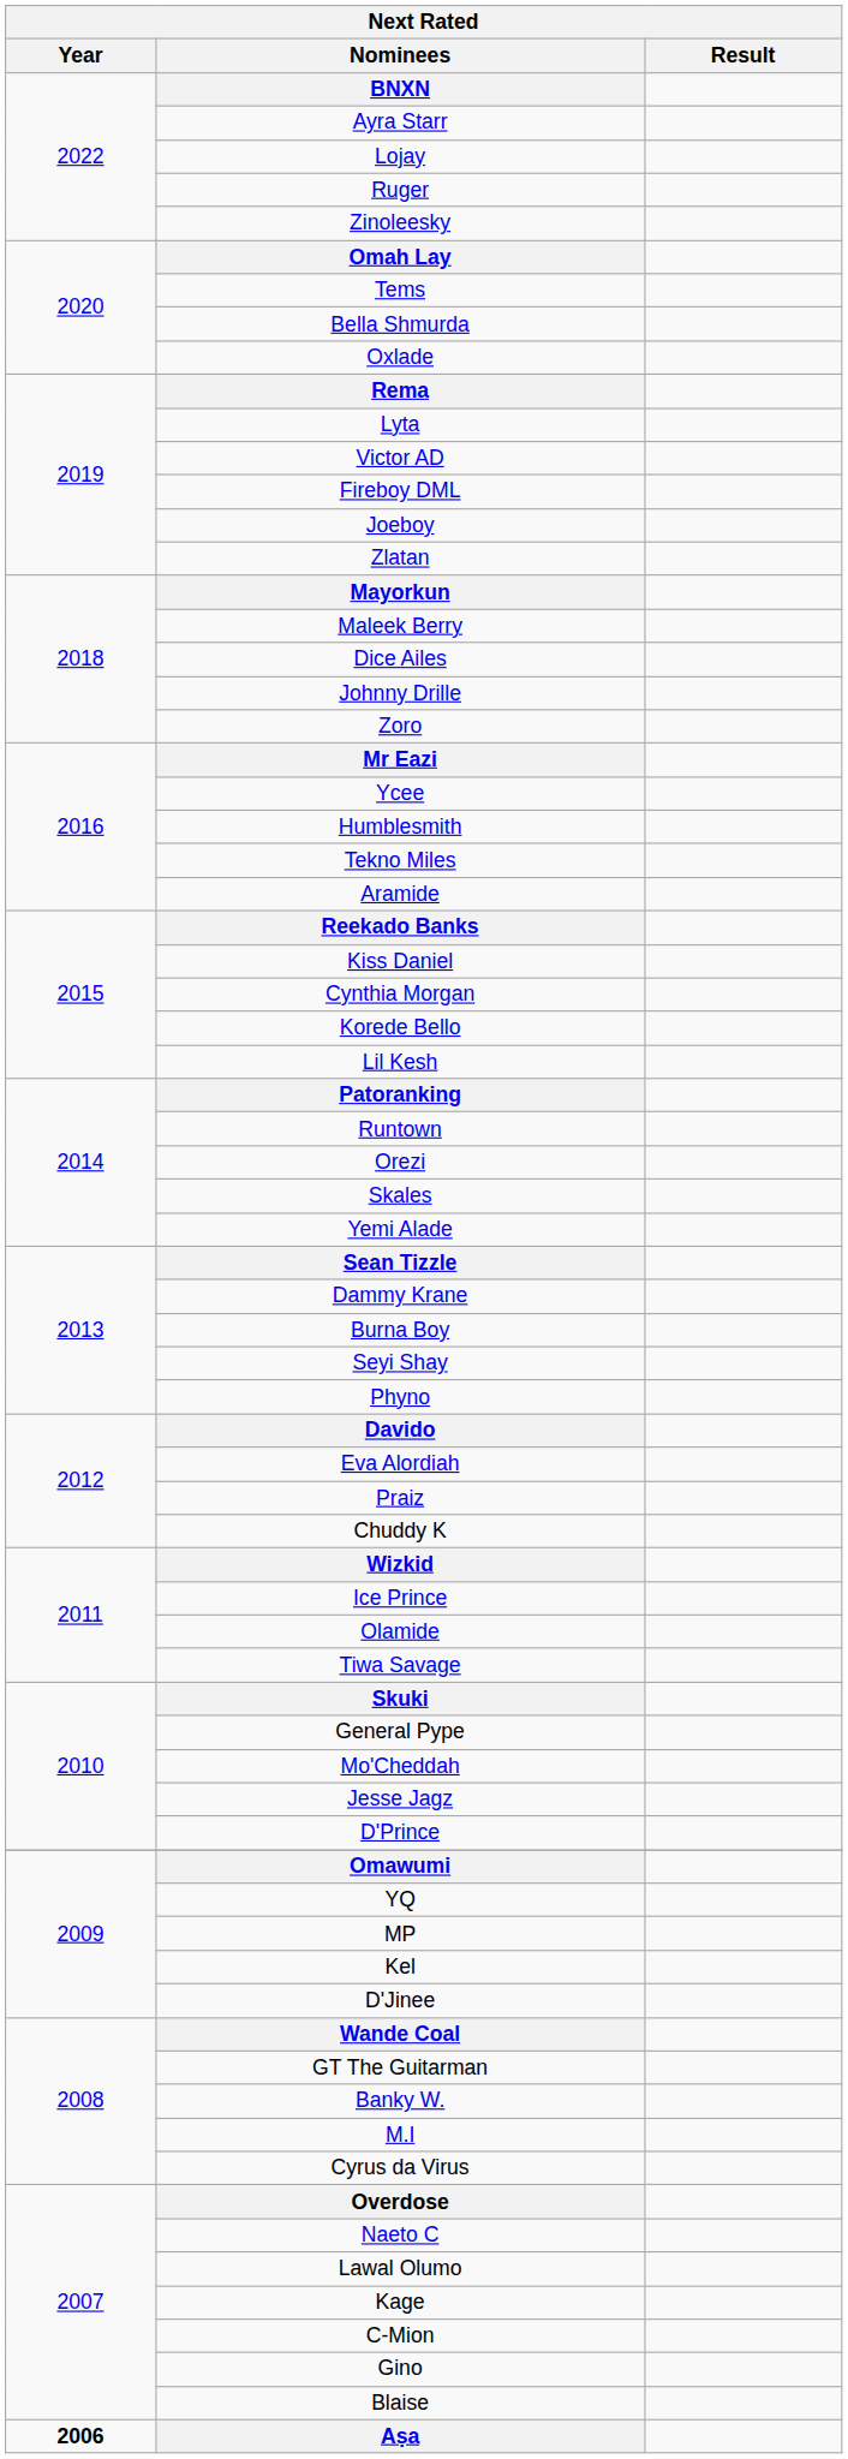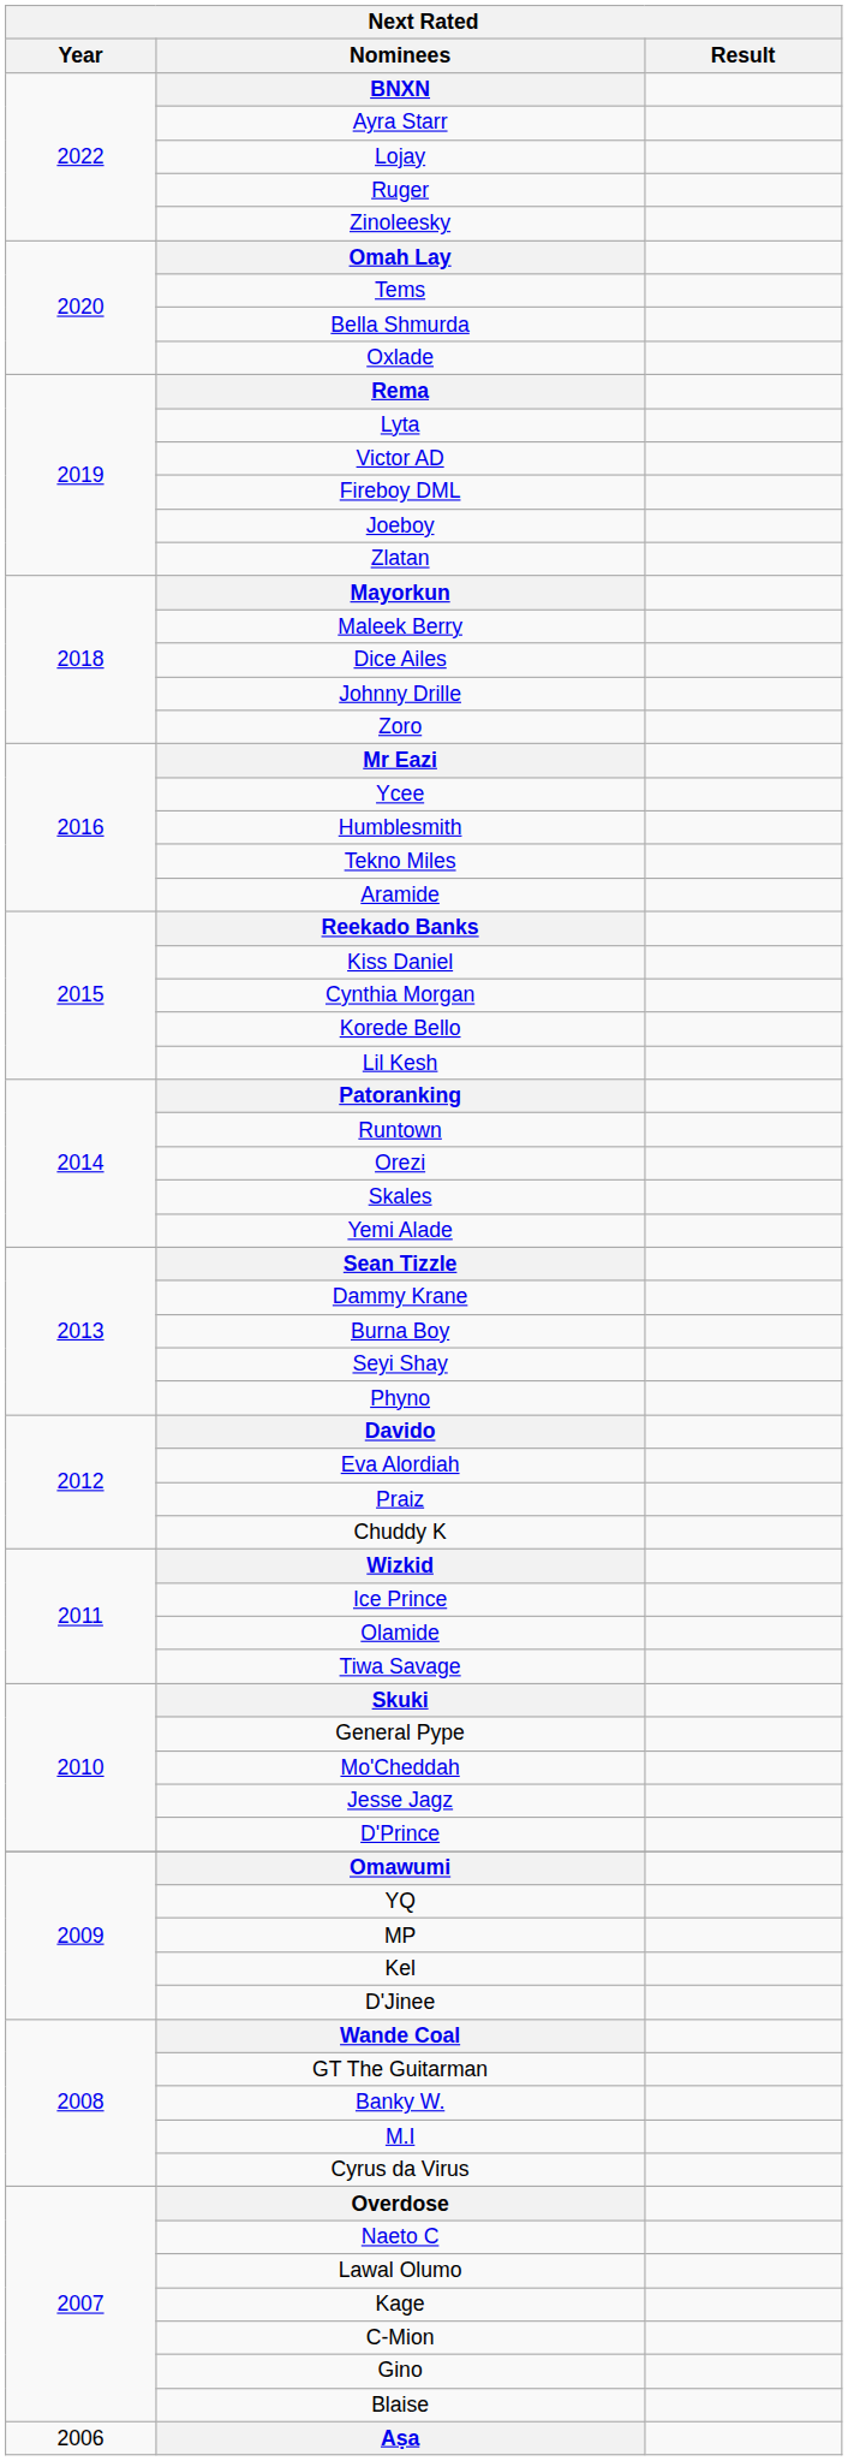 <table class=wikitable style="text-align:center" width="40%">
 <tr>
 <th colspan="4">Next Rated</th>
 </tr>
 <tr>
 <th>Year</th>
 <th>Nominees</th>
 <th>Result</th>
 </tr>
 <tr>
 <td rowspan="5"><a href='#'>2022</a></td>
 <th><a href='#'>BNXN</a></th>
 <td></td>
 </tr>
 <tr>
 <td><a href='#'>Ayra Starr</a></td>
 <td></td>
 </tr>
 <tr>
 <td><a href='#'>Lojay</a></td>
 <td></td>
 </tr>
 <tr>
 <td><a href='#'>Ruger</a></td>
 <td></td>
 </tr>
 <tr>
 <td><a href='#'>Zinoleesky</a></td>
 <td></td>
 </tr>
 <tr>
 <td rowspan="4"><a href='#'>2020</a></td>
 <th><a href='#'>Omah Lay</a></th>
 <td></td>
 </tr>
 <tr>
 <td><a href='#'>Tems</a></td>
 <td></td>
 </tr>
 <tr>
 <td><a href='#'>Bella Shmurda</a></td>
 <td></td>
 </tr>
 <tr>
 <td><a href='#'>Oxlade</a></td>
 <td></td>
 </tr>
 <tr>
 <td rowspan="6"><a href='#'>2019</a></td>
 <th><a href='#'>Rema</a></th>
 <td></td>
 </tr>
 <tr>
 <td><a href='#'>Lyta</a></td>
 <td></td>
 </tr>
 <tr>
 <td><a href='#'>Victor AD</a></td>
 <td></td>
 </tr>
 <tr>
 <td><a href='#'>Fireboy DML</a></td>
 <td></td>
 </tr>
 <tr>
 <td><a href='#'>Joeboy</a></td>
 <td></td>
 </tr>
 <tr>
 <td><a href='#'>Zlatan</a></td>
 <td></td>
 </tr>
 <tr>
 <td rowspan="5"><a href='#'>2018</a></td>
 <th><a href='#'>Mayorkun</a></th>
 <td></td>
 </tr>
 <tr>
 <td><a href='#'>Maleek Berry</a></td>
 <td></td>
 </tr>
 <tr>
 <td><a href='#'>Dice Ailes</a></td>
 <td></td>
 </tr>
 <tr>
 <td><a href='#'>Johnny Drille</a></td>
 <td></td>
 </tr>
 <tr>
 <td><a href='#'>Zoro</a></td>
 <td></td>
 </tr>
 <tr>
 <td rowspan="5"><a href='#'>2016</a></td>
 <th><a href='#'>Mr Eazi</a></th>
 <td></td>
 </tr>
 <tr>
 <td><a href='#'>Ycee</a></td>
 <td></td>
 </tr>
 <tr>
 <td><a href='#'>Humblesmith</a></td>
 <td></td>
 </tr>
 <tr>
 <td><a href='#'>Tekno Miles</a></td>
 <td></td>
 </tr>
 <tr>
 <td><a href='#'>Aramide</a></td>
 <td></td>
 </tr>
 <tr>
 <td rowspan="5"><a href='#'>2015</a></td>
 <th><a href='#'>Reekado Banks</a></th>
 <td></td>
 </tr>
 <tr>
 <td><a href='#'>Kiss Daniel</a></td>
 <td></td>
 </tr>
 <tr>
 <td><a href='#'>Cynthia Morgan</a></td>
 <td></td>
 </tr>
 <tr>
 <td><a href='#'>Korede Bello</a></td>
 <td></td>
 </tr>
 <tr>
 <td><a href='#'>Lil Kesh</a></td>
 <td></td>
 </tr>
 <tr>
 <td rowspan="5"><a href='#'>2014</a></td>
 <th><a href='#'>Patoranking</a></th>
 <td></td>
 </tr>
 <tr>
 <td><a href='#'>Runtown</a></td>
 <td></td>
 </tr>
 <tr>
 <td><a href='#'>Orezi</a></td>
 <td></td>
 </tr>
 <tr>
 <td><a href='#'>Skales</a></td>
 <td></td>
 </tr>
 <tr>
 <td><a href='#'>Yemi Alade</a></td>
 <td></td>
 </tr>
 <tr>
 <td rowspan="5"><a href='#'>2013</a></td>
 <th><a href='#'>Sean Tizzle</a></th>
 <td></td>
 </tr>
 <tr>
 <td><a href='#'>Dammy Krane</a></td>
 <td></td>
 </tr>
 <tr>
 <td><a href='#'>Burna Boy</a></td>
 <td></td>
 </tr>
 <tr>
 <td><a href='#'>Seyi Shay</a></td>
 <td></td>
 </tr>
 <tr>
 <td><a href='#'>Phyno</a></td>
 <td></td>
 </tr>
 <tr>
 <td rowspan="4"><a href='#'>2012</a></td>
 <th><a href='#'>Davido</a></th>
 <td></td>
 </tr>
 <tr>
 <td><a href='#'>Eva Alordiah</a></td>
 <td></td>
 </tr>
 <tr>
 <td><a href='#'>Praiz</a></td>
 <td></td>
 </tr>
 <tr>
 <td>Chuddy K</td>
 <td></td>
 </tr>
 <tr>
 <td rowspan="4"><a href='#'>2011</a></td>
 <th><a href='#'>Wizkid</a></th>
 <td></td>
 </tr>
 <tr>
 <td><a href='#'>Ice Prince</a></td>
 <td></td>
 </tr>
 <tr>
 <td><a href='#'>Olamide</a></td>
 <td></td>
 </tr>
 <tr>
 <td><a href='#'>Tiwa Savage</a></td>
 <td></td>
 </tr>
 <tr>
 <td rowspan="5"><a href='#'>2010</a></td>
 <th><a href='#'>Skuki</a></th>
 <td></td>
 </tr>
 <tr>
 <td>General Pype</td>
 <td></td>
 </tr>
 <tr>
 <td><a href='#'>Mo'Cheddah</a></td>
 <td></td>
 </tr>
 <tr>
 <td><a href='#'>Jesse Jagz</a></td>
 <td></td>
 </tr>
 <tr>
 <td><a href='#'>D'Prince</a></td>
 <td></td>
 </tr>
 <tr>
 </tr>
 <tr>
 <td rowspan="5"><a href='#'>2009</a></td>
 <th><a href='#'>Omawumi</a></th>
 <td></td>
 </tr>
 <tr>
 <td>YQ</td>
 <td></td>
 </tr>
 <tr>
 <td>MP</td>
 <td></td>
 </tr>
 <tr>
 <td>Kel</td>
 <td></td>
 </tr>
 <tr>
 <td>D'Jinee</td>
 <td></td>
 </tr>
 <tr>
 <td rowspan="5"><a href='#'>2008</a></td>
 <th><a href='#'>Wande Coal</a></th>
 <td></td>
 </tr>
 <tr>
 <td>GT The Guitarman</td>
 <td></td>
 </tr>
 <tr>
 <td><a href='#'>Banky W.</a></td>
 <td></td>
 </tr>
 <tr>
 <td><a href='#'>M.I</a></td>
 <td></td>
 </tr>
 <tr>
 <td>Cyrus da Virus</td>
 <td></td>
 </tr>
 <tr>
 <td rowspan="7"><a href='#'>2007</a></td>
 <th>Overdose</th>
 <td></td>
 </tr>
 <tr>
 <td><a href='#'>Naeto C</a></td>
 <td></td>
 </tr>
 <tr>
 <td>Lawal Olumo</td>
 <td></td>
 </tr>
 <tr>
 <td>Kage</td>
 <td></td>
 </tr>
 <tr>
 <td>C-Mion</td>
 <td></td>
 </tr>
 <tr>
 <td>Gino</td>
 <td></td>
 </tr>
 <tr>
 <td>Blaise</td>
 <td></td>
 </tr>
 <tr>
-<td rowspan="1"><strong>2006</strong></td>
+<td rowspan="1">2006</td>
 <th><a href='#'>Aṣa</a></th>
 <td></td>
 </tr>
 </table>
